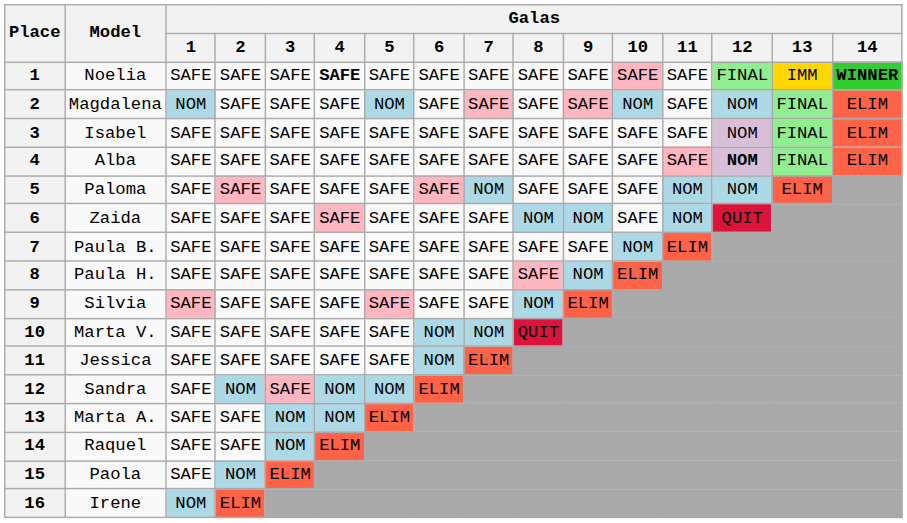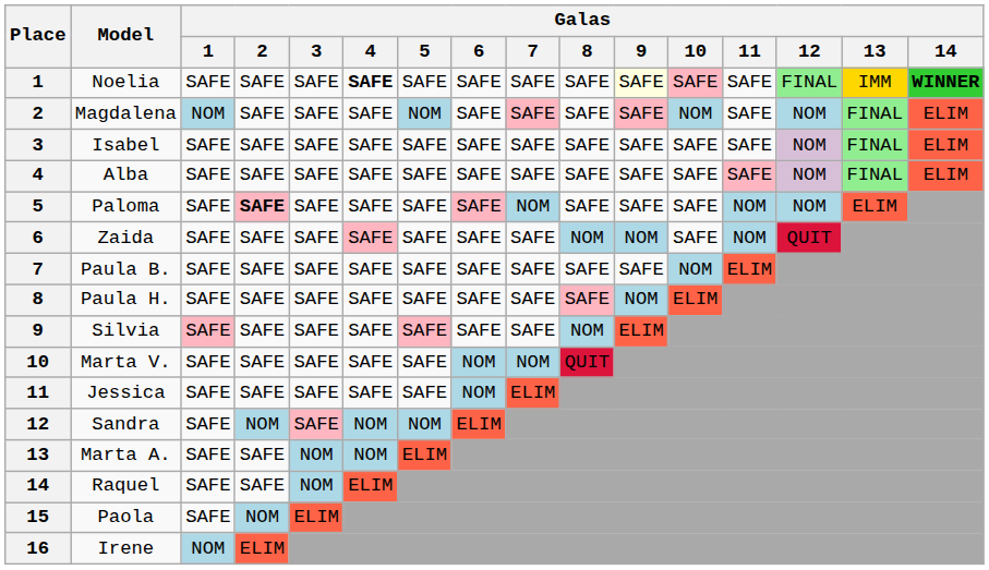 <table class="wikitable" style="text-align:center; font-size:92%">
 <tr>
 <th rowspan="2">Place</th>
 <th rowspan="2">Model</th>
 <th colspan="16">Galas</th>
 </tr>
 <tr>
 <th>1</th>
 <th>2</th>
 <th>3</th>
 <th>4</th>
 <th>5</th>
 <th>6</th>
 <th>7</th>
 <th>8</th>
 <th>9</th>
 <th>10</th>
 <th>11</th>
 <th>12</th>
 <th>13</th>
 <th colspan=3>14</th>
 </tr>
 <tr>
 <th>1</th>
 <td>Noelia</td>
 <td>SAFE</td>
 <td>SAFE</td>
 <td>SAFE</td>
 <td><strong>SAFE</strong></td>
 <td>SAFE</td>
 <td>SAFE</td>
 <td>SAFE</td>
 <td>SAFE</td>
-<td>SAFE</td>
+<td style="background: lightyellow;">SAFE</td>
 <td style="background:lightpink;">SAFE</td>
 <td>SAFE</td>
 <td style="background:lightgreen;">FINAL</td>
 <td style="background:gold;">IMM</td>
 <td style="background:limegreen;"><strong>WINNER</strong></td>
 </tr>
 <tr>
 <th>2</th>
 <td>Magdalena</td>
 <td style="background:lightblue;">NOM</td>
 <td>SAFE</td>
 <td>SAFE</td>
 <td>SAFE</td>
 <td style="background:lightblue;">NOM</td>
 <td>SAFE</td>
 <td style="background:lightpink;">SAFE</td>
 <td>SAFE</td>
 <td style="background:lightpink;">SAFE</td>
 <td style="background:lightblue;">NOM</td>
 <td>SAFE</td>
 <td style="background:lightblue;">NOM</td>
 <td style="background:lightgreen;">FINAL</td>
 <td style="background:tomato;">ELIM</td>
 </tr>
 <tr>
 <th>3</th>
 <td>Isabel</td>
 <td>SAFE</td>
 <td>SAFE</td>
 <td>SAFE</td>
 <td>SAFE</td>
 <td>SAFE</td>
 <td>SAFE</td>
 <td>SAFE</td>
 <td>SAFE</td>
 <td>SAFE</td>
 <td>SAFE</td>
 <td>SAFE</td>
 <td style="background:thistle;">NOM</td>
 <td style="background:lightgreen;">FINAL</td>
 <td style="background:tomato;">ELIM</td>
 </tr>
 <tr>
 <th>4</th>
 <td>Alba</td>
 <td>SAFE</td>
 <td>SAFE</td>
 <td>SAFE</td>
 <td>SAFE</td>
 <td>SAFE</td>
 <td>SAFE</td>
 <td>SAFE</td>
 <td>SAFE</td>
 <td>SAFE</td>
 <td>SAFE</td>
 <td style="background:lightpink;">SAFE</td>
-<td style="background:thistle;"><strong>NOM</strong></td>
+<td style="background:thistle;">NOM</td>
 <td style="background:lightgreen;">FINAL</td>
 <td style="background:tomato;">ELIM</td>
 </tr>
 <tr>
 <th>5</th>
 <td>Paloma</td>
 <td>SAFE</td>
-<td style="background:lightpink;">SAFE</td>
+<td style="background:lightpink;"><strong>SAFE</strong></td>
 <td>SAFE</td>
 <td>SAFE</td>
 <td>SAFE</td>
 <td style="background:lightpink;">SAFE</td>
 <td style="background:lightblue;">NOM</td>
 <td>SAFE</td>
 <td>SAFE</td>
 <td>SAFE</td>
 <td style="background:lightblue;">NOM</td>
 <td style="background:lightblue;">NOM</td>
 <td style="background:tomato;">ELIM</td>
 <td bgcolor="darkgray"  colspan="1"></td>
 </tr>
 <tr>
 <th>6</th>
 <td>Zaida</td>
 <td>SAFE</td>
 <td>SAFE</td>
 <td>SAFE</td>
 <td style="background:lightpink;">SAFE</td>
 <td>SAFE</td>
 <td>SAFE</td>
 <td>SAFE</td>
 <td style="background:lightblue;">NOM</td>
 <td style="background:lightblue;">NOM</td>
 <td>SAFE</td>
 <td style="background:lightblue;">NOM</td>
 <td style="background:crimson;"><span>QUIT</span></td>
 <td bgcolor="darkgray"  colspan="2"></td>
 </tr>
 <tr>
 <th>7</th>
 <td>Paula B.</td>
 <td>SAFE</td>
 <td>SAFE</td>
 <td>SAFE</td>
 <td>SAFE</td>
 <td>SAFE</td>
 <td>SAFE</td>
 <td>SAFE</td>
 <td>SAFE</td>
 <td>SAFE</td>
 <td style="background:lightblue;">NOM</td>
 <td style="background:tomato;">ELIM</td>
 <td bgcolor="darkgray"  colspan="3"></td>
 </tr>
 <tr>
 <th>8</th>
 <td>Paula H.</td>
 <td>SAFE</td>
 <td>SAFE</td>
 <td>SAFE</td>
 <td>SAFE</td>
 <td>SAFE</td>
 <td>SAFE</td>
 <td>SAFE</td>
 <td style="background:lightpink;">SAFE</td>
 <td style="background:lightblue;">NOM</td>
 <td style="background:tomato;">ELIM</td>
 <td bgcolor="darkgray"  colspan="4"></td>
 </tr>
 <tr>
 <th>9</th>
 <td>Silvia</td>
 <td style="background:lightpink;">SAFE</td>
 <td>SAFE</td>
 <td>SAFE</td>
 <td>SAFE</td>
 <td style="background:lightpink;">SAFE</td>
 <td>SAFE</td>
 <td>SAFE</td>
 <td style="background:lightblue;">NOM</td>
 <td style="background:tomato;">ELIM</td>
 <td bgcolor="darkgray"  colspan="5"></td>
 </tr>
 <tr>
 <th>10</th>
 <td>Marta V.</td>
 <td>SAFE</td>
 <td>SAFE</td>
 <td>SAFE</td>
 <td>SAFE</td>
 <td>SAFE</td>
 <td style="background:lightblue;">NOM</td>
 <td style="background:lightblue;">NOM</td>
 <td style="background:crimson;"><span>QUIT</span></td>
 <td bgcolor="darkgray"  colspan="6"></td>
 </tr>
 <tr>
 <th>11</th>
 <td>Jessica</td>
 <td>SAFE</td>
 <td>SAFE</td>
 <td>SAFE</td>
 <td>SAFE</td>
 <td>SAFE</td>
 <td style="background:lightblue;">NOM</td>
 <td style="background:tomato;">ELIM</td>
 <td bgcolor="darkgray"  colspan="7"></td>
 </tr>
 <tr>
 <th>12</th>
 <td>Sandra</td>
 <td>SAFE</td>
 <td style="background:lightblue;">NOM</td>
 <td style="background:lightpink;">SAFE</td>
 <td style="background:lightblue;">NOM</td>
 <td style="background:lightblue;">NOM</td>
 <td style="background:tomato">ELIM</td>
 <td bgcolor="darkgray"  colspan="8"></td>
 </tr>
 <tr>
 <th>13</th>
 <td>Marta A.</td>
 <td>SAFE</td>
 <td>SAFE</td>
 <td style="background:lightblue;">NOM</td>
 <td style="background:lightblue;">NOM</td>
 <td style="background:tomato;">ELIM</td>
 <td bgcolor="darkgray"  colspan="9"></td>
 </tr>
 <tr>
 <th>14</th>
 <td>Raquel</td>
 <td>SAFE</td>
 <td>SAFE</td>
 <td style="background:lightblue;">NOM</td>
 <td style="background:tomato;">ELIM</td>
 <td bgcolor="darkgray"  colspan="10"></td>
 </tr>
 <tr>
 <th>15</th>
 <td>Paola</td>
 <td>SAFE</td>
 <td style="background:lightblue;">NOM</td>
 <td style="background:tomato;">ELIM</td>
 <td bgcolor="darkgray"  colspan="11"></td>
 </tr>
 <tr>
 <th>16</th>
 <td>Irene</td>
 <td style="background:lightblue;">NOM</td>
 <td style="background:tomato;">ELIM</td>
 <td bgcolor="darkgray"  colspan="12"></td>
 </tr>
 </table>
